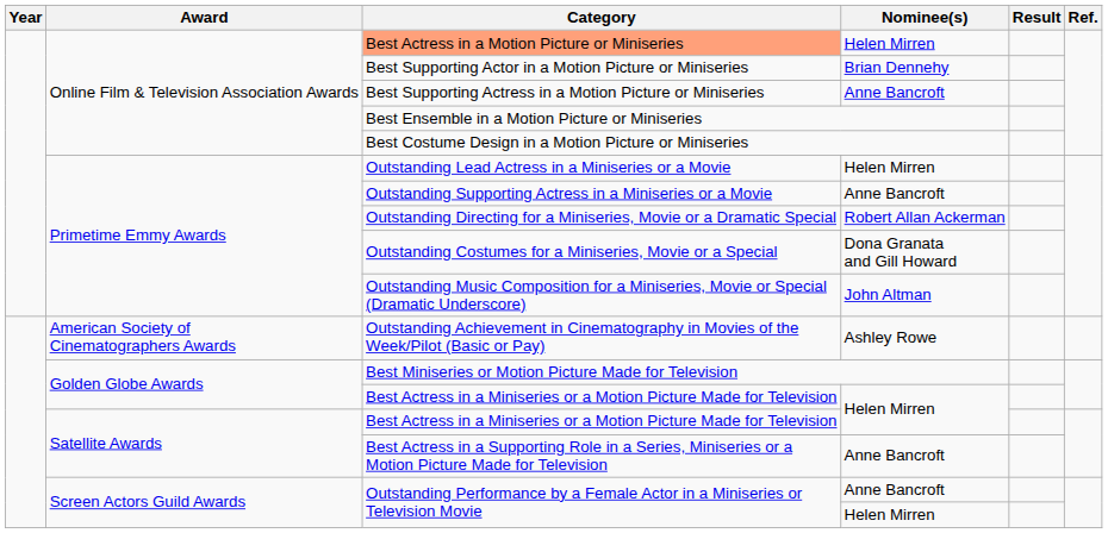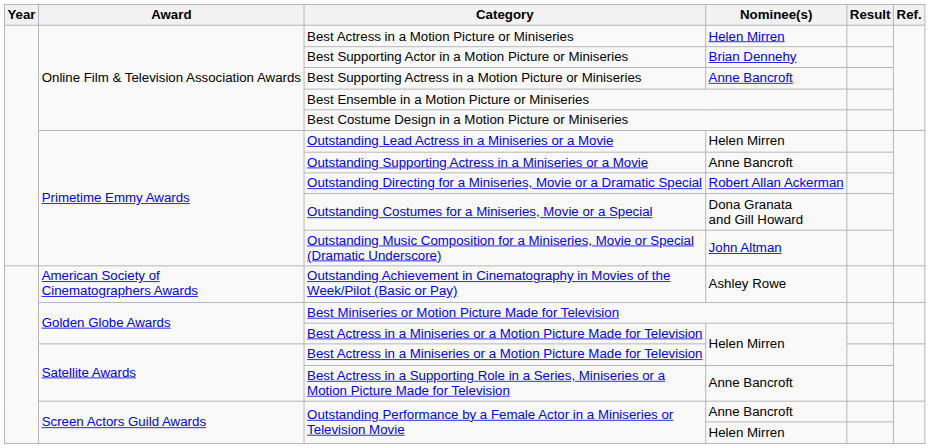 <table class="wikitable plainrowheaders">
 <tr>
 <th>Year</th>
 <th>Award</th>
 <th>Category</th>
 <th>Nominee(s)</th>
 <th>Result</th>
 <th>Ref.</th>
 </tr>
 <tr>
 <td rowspan="10"></td>
 <td rowspan="5">Online Film & Television Association Awards</td>
-<td style="background: lightsalmon;">Best Actress in a Motion Picture or Miniseries</td>
+<td>Best Actress in a Motion Picture or Miniseries</td>
 <td><a href='#'>Helen Mirren</a></td>
 <td></td>
 <td align="center" rowspan="5"></td>
 </tr>
 <tr>
 <td>Best Supporting Actor in a Motion Picture or Miniseries</td>
 <td><a href='#'>Brian Dennehy</a></td>
 <td></td>
 </tr>
 <tr>
 <td>Best Supporting Actress in a Motion Picture or Miniseries</td>
 <td><a href='#'>Anne Bancroft</a></td>
 <td></td>
 </tr>
 <tr>
 <td colspan="2">Best Ensemble in a Motion Picture or Miniseries</td>
 <td></td>
 </tr>
 <tr>
 <td colspan="2">Best Costume Design in a Motion Picture or Miniseries</td>
 <td></td>
 </tr>
 <tr>
 <td rowspan="5"><a href='#'>Primetime Emmy Awards</a></td>
 <td><a href='#'>Outstanding Lead Actress in a Miniseries or a Movie</a></td>
 <td>Helen Mirren</td>
 <td></td>
 <td align="center" rowspan="5"></td>
 </tr>
 <tr>
 <td><a href='#'>Outstanding Supporting Actress in a Miniseries or a Movie</a></td>
 <td>Anne Bancroft</td>
 <td></td>
 </tr>
 <tr>
 <td><a href='#'>Outstanding Directing for a Miniseries, Movie or a Dramatic Special</a></td>
 <td><a href='#'>Robert Allan Ackerman</a></td>
 <td></td>
 </tr>
 <tr>
 <td><a href='#'>Outstanding Costumes for a Miniseries, Movie or a Special</a></td>
 <td>Dona Granata <br> and Gill Howard</td>
 <td></td>
 </tr>
 <tr>
 <td><a href='#'>Outstanding Music Composition for a Miniseries, Movie or Special <br> (Dramatic Underscore)</a></td>
 <td><a href='#'>John Altman</a></td>
 <td></td>
 </tr>
 <tr>
 <td rowspan="7"></td>
 <td><a href='#'>American Society of <br> Cinematographers Awards</a></td>
 <td><a href='#'>Outstanding Achievement in Cinematography in Movies of the <br> Week/Pilot (Basic or Pay)</a></td>
 <td>Ashley Rowe</td>
 <td></td>
 <td align="center"></td>
 </tr>
 <tr>
 <td rowspan="2"><a href='#'>Golden Globe Awards</a></td>
 <td colspan="2"><a href='#'>Best Miniseries or Motion Picture Made for Television</a></td>
 <td></td>
 <td align="center" rowspan="2"></td>
 </tr>
 <tr>
 <td><a href='#'>Best Actress in a Miniseries or a Motion Picture Made for Television</a></td>
 <td rowspan="2">Helen Mirren</td>
 <td></td>
 </tr>
 <tr>
 <td rowspan="2"><a href='#'>Satellite Awards</a></td>
 <td><a href='#'>Best Actress in a Miniseries or a Motion Picture Made for Television</a></td>
 <td></td>
 <td align="center" rowspan="2"></td>
 </tr>
 <tr>
 <td><a href='#'>Best Actress in a Supporting Role in a Series, Miniseries or a <br> Motion Picture Made for Television</a></td>
 <td>Anne Bancroft</td>
 <td></td>
 </tr>
 <tr>
 <td rowspan="2"><a href='#'>Screen Actors Guild Awards</a></td>
 <td rowspan="2"><a href='#'>Outstanding Performance by a Female Actor in a Miniseries or <br> Television Movie</a></td>
 <td>Anne Bancroft</td>
 <td></td>
 <td align="center" rowspan="2"></td>
 </tr>
 <tr>
 <td>Helen Mirren</td>
 <td></td>
 </tr>
 </table>
